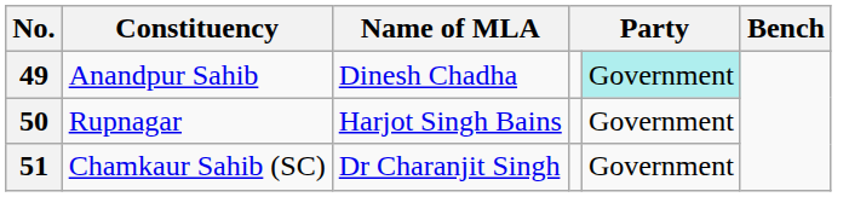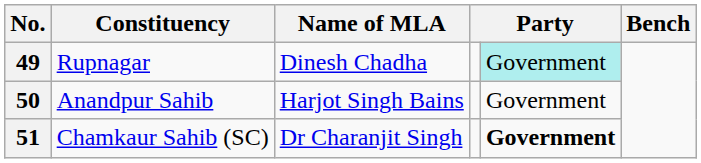 <table class="wikitable sortable">
 <tr>
 <th>No.</th>
 <th>Constituency</th>
 <th>Name of MLA</th>
 <th colspan="2">Party</th>
 <th>Bench</th>
 </tr>
 <tr>
 <th>49</th>
-<td><a href='#'>Anandpur Sahib</a></td>
+<td><a href='#'>Rupnagar</a></td>
 <td><a href='#'>Dinesh Chadha</a></td>
 <td></td>
 <td style="background: paleturquoise;">Government</td>
 </tr>
 <tr>
 <th>50</th>
-<td><a href='#'>Rupnagar</a></td>
+<td><a href='#'>Anandpur Sahib</a></td>
 <td><a href='#'>Harjot Singh Bains</a></td>
 <td></td>
 <td>Government</td>
 </tr>
 <tr>
 <th>51</th>
 <td><a href='#'>Chamkaur Sahib</a> (SC)</td>
 <td><a href='#'>Dr Charanjit Singh</a></td>
 <td></td>
-<td>Government</td>
+<td><strong>Government</strong></td>
 </tr>
 </table>
